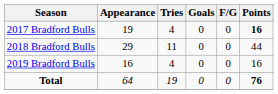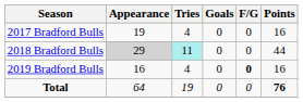 <table class="wikitable" style="text-align:center;">
 <tr bgcolor=#bdb76b>
 <th>Season</th>
 <th>Appearance</th>
 <th>Tries</th>
 <th>Goals</th>
 <th>F/G</th>
 <th>Points</th>
 </tr>
 <tr>
 <td><a href='#'>2017 Bradford Bulls</a></td>
 <td>19</td>
 <td>4</td>
 <td>0</td>
 <td>0</td>
-<td><strong>16</strong></td>
+<td>16</td>
 </tr>
 <tr>
 <td><a href='#'>2018 Bradford Bulls</a></td>
-<td>29</td>
-<td>11</td>
+<td style="background: lightgrey;">29</td>
+<td style="background: paleturquoise;">11</td>
 <td>0</td>
 <td>0</td>
 <td>44</td>
 </tr>
 <tr>
 <td><a href='#'>2019 Bradford Bulls</a></td>
 <td>16</td>
 <td>4</td>
 <td>0</td>
-<td>0</td>
+<td><strong>0</strong></td>
 <td>16</td>
 </tr>
 <tr>
 <td><strong>Total</strong></td>
 <td><em>64</em></td>
 <td><em>19</em></td>
 <td><em>0</em></td>
 <td><em>0</em></td>
 <td><strong>76</strong></td>
 </tr>
 <tr>
 </tr>
 </table>
